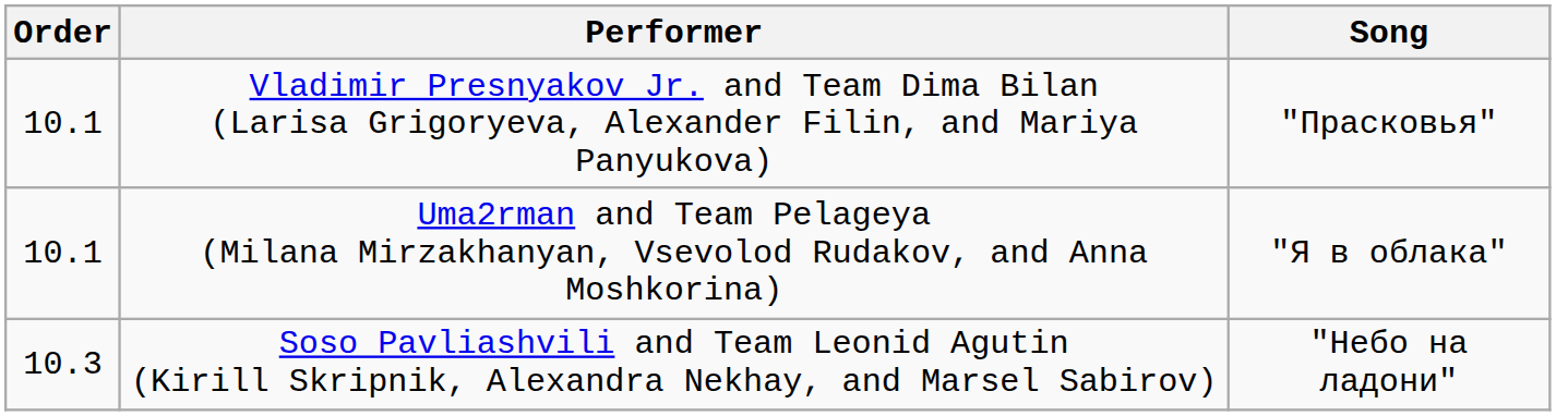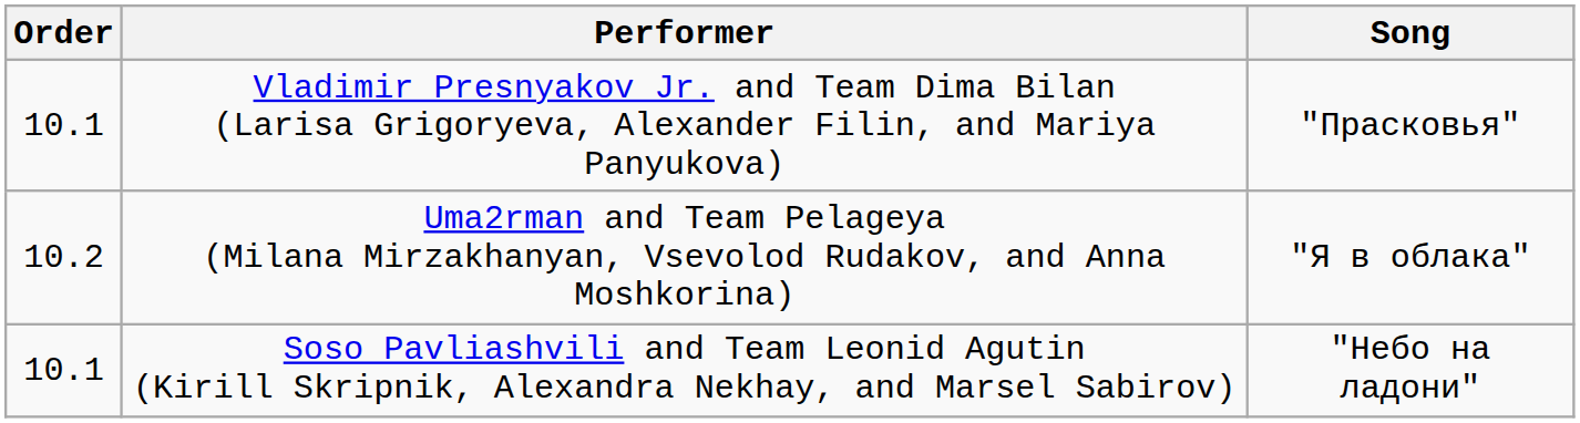 <table class="wikitable" style="text-align:center;">
 <tr>
 <th>Order</th>
 <th>Performer</th>
 <th>Song</th>
 </tr>
 <tr>
 <td>10.1</td>
 <td><a href='#'>Vladimir Presnyakov Jr.</a> and Team Dima Bilan <br> (Larisa Grigoryeva, Alexander Filin, and Mariya Panyukova)</td>
 <td>"Прасковья"</td>
 </tr>
 <tr>
-<td>10.1</td>
+<td>10.2</td>
 <td><a href='#'>Uma2rman</a> and Team Pelageya <br> (Milana Mirzakhanyan, Vsevolod Rudakov, and Anna Moshkorina)</td>
 <td>"Я в облака"</td>
 </tr>
 <tr>
-<td>10.3</td>
+<td>10.1</td>
 <td><a href='#'>Soso Pavliashvili</a> and Team Leonid Agutin <br> (Kirill Skripnik, Alexandra Nekhay, and Marsel Sabirov)</td>
 <td>"Небо на ладони"</td>
 </tr>
 </table>
